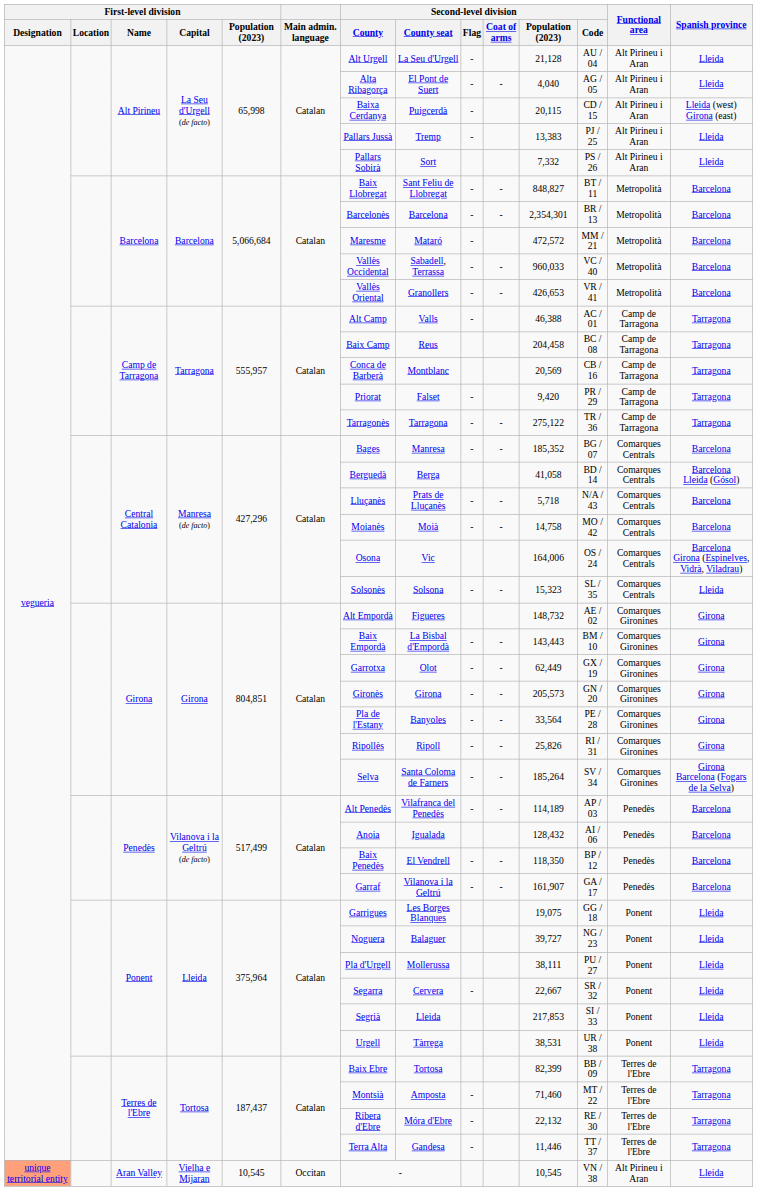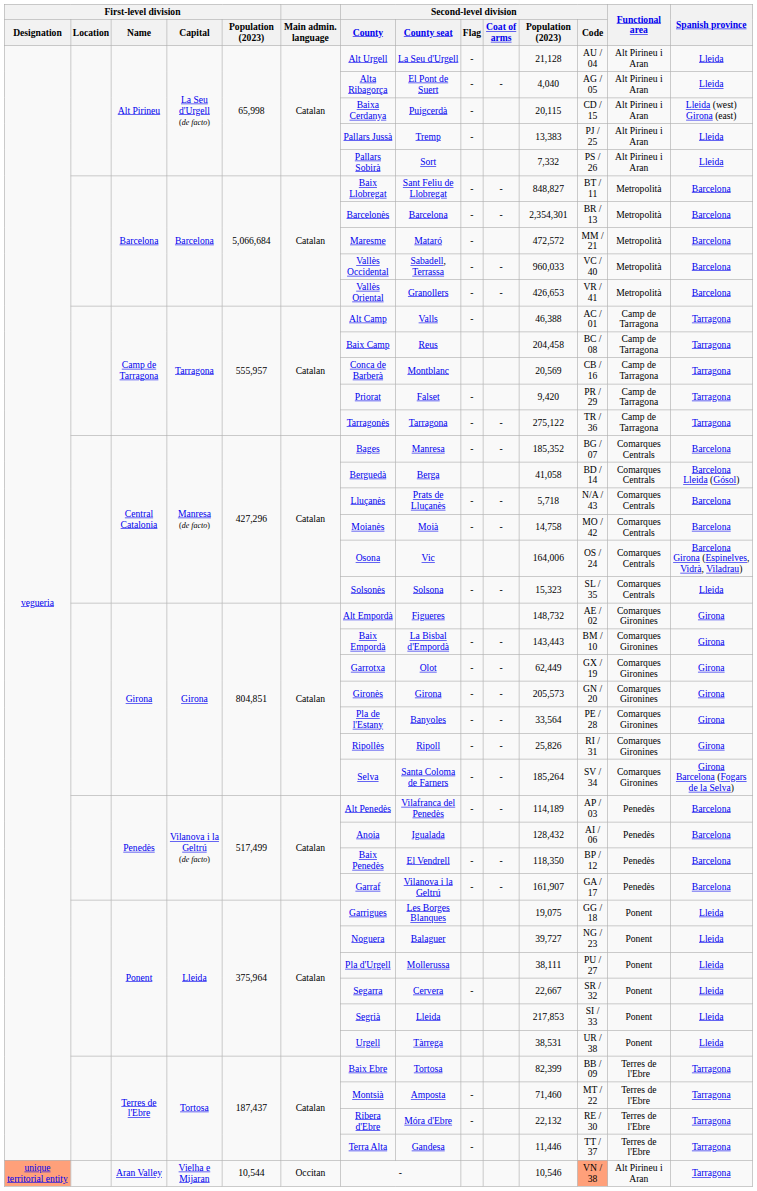 <table class="wikitable sortable" style="text-align: center;">
 <tr>
 <th colspan="5">First-level division</th>
 <th></th>
 <th colspan="6">Second-level division</th>
 <th rowspan="2"><a href='#'>Functional area</a></th>
 <th rowspan="2"><a href='#'>Spanish province</a></th>
 </tr>
 <tr>
 <th>Designation</th>
 <th>Location</th>
 <th>Name</th>
 <th>Capital</th>
 <th><strong>Population (2023)</strong></th>
 <th>Main admin. language</th>
 <th><a href='#'>County</a></th>
 <th><a href='#'>County seat</a></th>
 <th>Flag</th>
 <th><a href='#'>Coat of arms</a></th>
 <th>Population <strong>(2023)</strong></th>
 <th>Code</th>
 </tr>
 <tr>
 <td rowspan="42"><a href='#'>vegueria</a></td>
 <td rowspan="5"></td>
 <td rowspan="5"><a href='#'>Alt Pirineu</a></td>
 <td rowspan="5"><a href='#'>La Seu d'Urgell</a><br><small>(<em>de facto</em>)</small></td>
 <td rowspan="5">65,998</td>
 <td rowspan="5">Catalan</td>
 <td><a href='#'>Alt Urgell</a></td>
 <td><a href='#'>La Seu d'Urgell</a></td>
 <td>-</td>
 <td></td>
 <td>21,128</td>
 <td>AU / 04</td>
 <td>Alt Pirineu i Aran</td>
 <td><a href='#'>Lleida</a></td>
 </tr>
 <tr>
 <td><a href='#'>Alta Ribagorça</a></td>
 <td><a href='#'>El Pont de Suert</a></td>
 <td>-</td>
 <td>-</td>
 <td>4,040</td>
 <td>AG / 05</td>
 <td>Alt Pirineu i Aran</td>
 <td><a href='#'>Lleida</a></td>
 </tr>
 <tr>
 <td><a href='#'>Baixa Cerdanya</a></td>
 <td><a href='#'>Puigcerdà</a></td>
 <td>-</td>
 <td></td>
 <td>20,115</td>
 <td>CD / 15</td>
 <td>Alt Pirineu i Aran</td>
 <td><a href='#'>Lleida</a> (west)<br><a href='#'>Girona</a> (east)</td>
 </tr>
 <tr>
 <td><a href='#'>Pallars Jussà</a></td>
 <td><a href='#'>Tremp</a></td>
 <td>-</td>
 <td></td>
 <td>13,383</td>
 <td>PJ / 25</td>
 <td>Alt Pirineu i Aran</td>
 <td><a href='#'>Lleida</a></td>
 </tr>
 <tr>
 <td><a href='#'>Pallars Sobirà</a></td>
 <td><a href='#'>Sort</a></td>
 <td></td>
 <td></td>
 <td>7,332</td>
 <td>PS / 26</td>
 <td>Alt Pirineu i Aran</td>
 <td><a href='#'>Lleida</a></td>
 </tr>
 <tr>
 <td rowspan="5"></td>
 <td rowspan="5"><a href='#'>Barcelona</a></td>
 <td rowspan="5"><a href='#'>Barcelona</a></td>
 <td rowspan="5">5,066,684</td>
 <td rowspan="5">Catalan</td>
 <td><a href='#'>Baix Llobregat</a></td>
 <td><a href='#'>Sant Feliu de Llobregat</a></td>
 <td>-</td>
 <td>-</td>
 <td>848,827</td>
 <td>BT / 11</td>
 <td>Metropolità</td>
 <td><a href='#'>Barcelona</a></td>
 </tr>
 <tr>
 <td><a href='#'>Barcelonès</a></td>
 <td><a href='#'>Barcelona</a></td>
 <td>-</td>
 <td>-</td>
 <td>2,354,301</td>
 <td>BR / 13</td>
 <td>Metropolità</td>
 <td><a href='#'>Barcelona</a></td>
 </tr>
 <tr>
 <td><a href='#'>Maresme</a></td>
 <td><a href='#'>Mataró</a></td>
 <td>-</td>
 <td></td>
 <td>472,572</td>
 <td>MM / 21</td>
 <td>Metropolità</td>
 <td><a href='#'>Barcelona</a></td>
 </tr>
 <tr>
 <td><a href='#'>Vallès Occidental</a></td>
 <td><a href='#'>Sabadell</a>, <a href='#'>Terrassa</a></td>
 <td>-</td>
 <td>-</td>
 <td>960,033</td>
 <td>VC / 40</td>
 <td>Metropolità</td>
 <td><a href='#'>Barcelona</a></td>
 </tr>
 <tr>
 <td><a href='#'>Vallès Oriental</a></td>
 <td><a href='#'>Granollers</a></td>
 <td>-</td>
 <td>-</td>
 <td>426,653</td>
 <td>VR / 41</td>
 <td>Metropolità</td>
 <td><a href='#'>Barcelona</a></td>
 </tr>
 <tr>
 <td rowspan="5"></td>
 <td rowspan="5"><a href='#'>Camp de Tarragona</a></td>
 <td rowspan="5"><a href='#'>Tarragona</a></td>
 <td rowspan="5">555,957</td>
 <td rowspan="5">Catalan</td>
 <td><a href='#'>Alt Camp</a></td>
 <td><a href='#'>Valls</a></td>
 <td>-</td>
 <td></td>
 <td>46,388</td>
 <td>AC / 01</td>
 <td>Camp de Tarragona</td>
 <td><a href='#'>Tarragona</a></td>
 </tr>
 <tr>
 <td><a href='#'>Baix Camp</a></td>
 <td><a href='#'>Reus</a></td>
 <td></td>
 <td></td>
 <td>204,458</td>
 <td>BC / 08</td>
 <td>Camp de Tarragona</td>
 <td><a href='#'>Tarragona</a></td>
 </tr>
 <tr>
 <td><a href='#'>Conca de Barberà</a></td>
 <td><a href='#'>Montblanc</a></td>
 <td></td>
 <td></td>
 <td>20,569</td>
 <td>CB / 16</td>
 <td>Camp de Tarragona</td>
 <td><a href='#'>Tarragona</a></td>
 </tr>
 <tr>
 <td><a href='#'>Priorat</a></td>
 <td><a href='#'>Falset</a></td>
 <td>-</td>
 <td></td>
 <td>9,420</td>
 <td>PR / 29</td>
 <td>Camp de Tarragona</td>
 <td><a href='#'>Tarragona</a></td>
 </tr>
 <tr>
 <td><a href='#'>Tarragonès</a></td>
 <td><a href='#'>Tarragona</a></td>
 <td>-</td>
 <td>-</td>
 <td>275,122</td>
 <td>TR / 36</td>
 <td>Camp de Tarragona</td>
 <td><a href='#'>Tarragona</a></td>
 </tr>
 <tr>
 <td rowspan="6"></td>
 <td rowspan="6"><a href='#'>Central Catalonia</a></td>
 <td rowspan="6"><a href='#'>Manresa</a><br><small>(<em>de facto</em>)</small></td>
 <td rowspan="6">427,296</td>
 <td rowspan="6">Catalan</td>
 <td><a href='#'>Bages</a></td>
 <td><a href='#'>Manresa</a></td>
 <td>-</td>
 <td>-</td>
 <td>185,352</td>
 <td>BG / 07</td>
 <td>Comarques Centrals</td>
 <td><a href='#'>Barcelona</a></td>
 </tr>
 <tr>
 <td><a href='#'>Berguedà</a></td>
 <td><a href='#'>Berga</a></td>
 <td></td>
 <td></td>
 <td>41,058</td>
 <td>BD / 14</td>
 <td>Comarques Centrals</td>
 <td><a href='#'>Barcelona</a><br><a href='#'>Lleida</a> (<a href='#'>Gósol</a>)</td>
 </tr>
 <tr>
 <td><a href='#'>Lluçanès</a></td>
 <td><a href='#'>Prats de Lluçanès</a></td>
 <td>-</td>
 <td>-</td>
 <td>5,718</td>
 <td>N/A / 43</td>
 <td>Comarques Centrals</td>
 <td><a href='#'>Barcelona</a></td>
 </tr>
 <tr>
 <td><a href='#'>Moianès</a></td>
 <td><a href='#'>Moià</a></td>
 <td>-</td>
 <td>-</td>
 <td>14,758</td>
 <td>MO / 42</td>
 <td>Comarques Centrals</td>
 <td><a href='#'>Barcelona</a></td>
 </tr>
 <tr>
 <td><a href='#'>Osona</a></td>
 <td><a href='#'>Vic</a></td>
 <td></td>
 <td></td>
 <td>164,006</td>
 <td>OS / 24</td>
 <td>Comarques Centrals</td>
 <td><a href='#'>Barcelona</a><br><a href='#'>Girona</a> (<a href='#'>Espinelves</a>, <a href='#'>Vidrà</a>, <a href='#'>Viladrau</a>)</td>
 </tr>
 <tr>
 <td><a href='#'>Solsonès</a></td>
 <td><a href='#'>Solsona</a></td>
 <td>-</td>
 <td>-</td>
 <td>15,323</td>
 <td>SL / 35</td>
 <td>Comarques Centrals</td>
 <td><a href='#'>Lleida</a></td>
 </tr>
 <tr>
 <td rowspan="7"></td>
 <td rowspan="7"><a href='#'>Girona</a></td>
 <td rowspan="7"><a href='#'>Girona</a></td>
 <td rowspan="7">804,851</td>
 <td rowspan="7">Catalan</td>
 <td><a href='#'>Alt Empordà</a></td>
 <td><a href='#'>Figueres</a></td>
 <td></td>
 <td></td>
 <td>148,732</td>
 <td>AE / 02</td>
 <td>Comarques Gironines</td>
 <td><a href='#'>Girona</a></td>
 </tr>
 <tr>
 <td><a href='#'>Baix Empordà</a></td>
 <td><a href='#'>La Bisbal d'Empordà</a></td>
 <td>-</td>
 <td>-</td>
 <td>143,443</td>
 <td>BM / 10</td>
 <td>Comarques Gironines</td>
 <td><a href='#'>Girona</a></td>
 </tr>
 <tr>
 <td><a href='#'>Garrotxa</a></td>
 <td><a href='#'>Olot</a></td>
 <td>-</td>
 <td>-</td>
 <td>62,449</td>
 <td>GX / 19</td>
 <td>Comarques Gironines</td>
 <td><a href='#'>Girona</a></td>
 </tr>
 <tr>
 <td><a href='#'>Gironès</a></td>
 <td><a href='#'>Girona</a></td>
 <td>-</td>
 <td>-</td>
 <td>205,573</td>
 <td>GN / 20</td>
 <td>Comarques Gironines</td>
 <td><a href='#'>Girona</a></td>
 </tr>
 <tr>
 <td><a href='#'>Pla de l'Estany</a></td>
 <td><a href='#'>Banyoles</a></td>
 <td>-</td>
 <td>-</td>
 <td>33,564</td>
 <td>PE / 28</td>
 <td>Comarques Gironines</td>
 <td><a href='#'>Girona</a></td>
 </tr>
 <tr>
 <td><a href='#'>Ripollès</a></td>
 <td><a href='#'>Ripoll</a></td>
 <td>-</td>
 <td>-</td>
 <td>25,826</td>
 <td>RI / 31</td>
 <td>Comarques Gironines</td>
 <td><a href='#'>Girona</a></td>
 </tr>
 <tr>
 <td><a href='#'>Selva</a></td>
 <td><a href='#'>Santa Coloma de Farners</a></td>
 <td>-</td>
 <td>-</td>
 <td>185,264</td>
 <td>SV / 34</td>
 <td>Comarques Gironines</td>
 <td><a href='#'>Girona</a><br><a href='#'>Barcelona</a> (<a href='#'>Fogars de la Selva</a>)</td>
 </tr>
 <tr>
 <td rowspan="4"></td>
 <td rowspan="4"><a href='#'>Penedès</a></td>
 <td rowspan="4"><a href='#'>Vilanova i la Geltrú</a><br><small>(<em>de facto</em>)</small></td>
 <td rowspan="4">517,499</td>
 <td rowspan="4">Catalan</td>
 <td><a href='#'>Alt Penedès</a></td>
 <td><a href='#'>Vilafranca del Penedès</a></td>
 <td>-</td>
 <td>-</td>
 <td>114,189</td>
 <td>AP / 03</td>
 <td>Penedès</td>
 <td><a href='#'>Barcelona</a></td>
 </tr>
 <tr>
 <td><a href='#'>Anoia</a></td>
 <td><a href='#'>Igualada</a></td>
 <td></td>
 <td></td>
 <td>128,432</td>
 <td>AI / 06</td>
 <td>Penedès</td>
 <td><a href='#'>Barcelona</a></td>
 </tr>
 <tr>
 <td><a href='#'>Baix Penedès</a></td>
 <td><a href='#'>El Vendrell</a></td>
 <td>-</td>
 <td>-</td>
 <td>118,350</td>
 <td>BP / 12</td>
 <td>Penedès</td>
 <td><a href='#'>Barcelona</a></td>
 </tr>
 <tr>
 <td><a href='#'>Garraf</a></td>
 <td><a href='#'>Vilanova i la Geltrú</a></td>
 <td>-</td>
 <td>-</td>
 <td>161,907</td>
 <td>GA / 17</td>
 <td>Penedès</td>
 <td><a href='#'>Barcelona</a></td>
 </tr>
 <tr>
 <td rowspan="6"></td>
 <td rowspan="6"><a href='#'>Ponent</a></td>
 <td rowspan="6"><a href='#'>Lleida</a></td>
 <td rowspan="6">375,964</td>
 <td rowspan="6">Catalan</td>
 <td><a href='#'>Garrigues</a></td>
 <td><a href='#'>Les Borges Blanques</a></td>
 <td></td>
 <td></td>
 <td>19,075</td>
 <td>GG / 18</td>
 <td>Ponent</td>
 <td><a href='#'>Lleida</a></td>
 </tr>
 <tr>
 <td><a href='#'>Noguera</a></td>
 <td><a href='#'>Balaguer</a></td>
 <td></td>
 <td></td>
 <td>39,727</td>
 <td>NG / 23</td>
 <td>Ponent</td>
 <td><a href='#'>Lleida</a></td>
 </tr>
 <tr>
 <td><a href='#'>Pla d'Urgell</a></td>
 <td><a href='#'>Mollerussa</a></td>
 <td></td>
 <td></td>
 <td>38,111</td>
 <td>PU / 27</td>
 <td>Ponent</td>
 <td><a href='#'>Lleida</a></td>
 </tr>
 <tr>
 <td><a href='#'>Segarra</a></td>
 <td><a href='#'>Cervera</a></td>
 <td>-</td>
 <td></td>
 <td>22,667</td>
 <td>SR / 32</td>
 <td>Ponent</td>
 <td><a href='#'>Lleida</a></td>
 </tr>
 <tr>
 <td><a href='#'>Segrià</a></td>
 <td><a href='#'>Lleida</a></td>
 <td></td>
 <td></td>
 <td>217,853</td>
 <td>SI / 33</td>
 <td>Ponent</td>
 <td><a href='#'>Lleida</a></td>
 </tr>
 <tr>
 <td><a href='#'>Urgell</a></td>
 <td><a href='#'>Tàrrega</a></td>
 <td></td>
 <td></td>
 <td>38,531</td>
 <td>UR / 38</td>
 <td>Ponent</td>
 <td><a href='#'>Lleida</a></td>
 </tr>
 <tr>
 <td rowspan="4"></td>
 <td rowspan="4"><a href='#'>Terres de l'Ebre</a></td>
 <td rowspan="4"><a href='#'>Tortosa</a></td>
 <td rowspan="4">187,437</td>
 <td rowspan="4">Catalan</td>
 <td><a href='#'>Baix Ebre</a></td>
 <td><a href='#'>Tortosa</a></td>
 <td></td>
 <td></td>
 <td>82,399</td>
 <td>BB / 09</td>
 <td>Terres de l'Ebre</td>
 <td><a href='#'>Tarragona</a></td>
 </tr>
 <tr>
 <td><a href='#'>Montsià</a></td>
 <td><a href='#'>Amposta</a></td>
 <td>-</td>
 <td></td>
 <td>71,460</td>
 <td>MT / 22</td>
 <td>Terres de l'Ebre</td>
 <td><a href='#'>Tarragona</a></td>
 </tr>
 <tr>
 <td><a href='#'>Ribera d'Ebre</a></td>
 <td><a href='#'>Móra d'Ebre</a></td>
 <td>-</td>
 <td></td>
 <td>22,132</td>
 <td>RE / 30</td>
 <td>Terres de l'Ebre</td>
 <td><a href='#'>Tarragona</a></td>
 </tr>
 <tr>
 <td><a href='#'>Terra Alta</a></td>
 <td><a href='#'>Gandesa</a></td>
 <td>-</td>
 <td></td>
 <td>11,446</td>
 <td>TT / 37</td>
 <td>Terres de l'Ebre</td>
 <td><a href='#'>Tarragona</a></td>
 </tr>
 <tr>
 <td style="background: lightsalmon;"><a href='#'>unique territorial entity</a></td>
 <td></td>
 <td><a href='#'>Aran Valley</a></td>
 <td><a href='#'>Vielha e Mijaran</a></td>
-<td>10,545</td>
+<td>10,544</td>
 <td>Occitan</td>
 <td colspan="2">-</td>
 <td></td>
 <td></td>
-<td>10,545</td>
-<td>VN / 38</td>
+<td>10,546</td>
+<td style="background: lightsalmon;">VN / 38</td>
 <td>Alt Pirineu i Aran</td>
-<td><a href='#'>Lleida</a></td>
+<td><a href='#'>Tarragona</a></td>
 </tr>
 </table>
